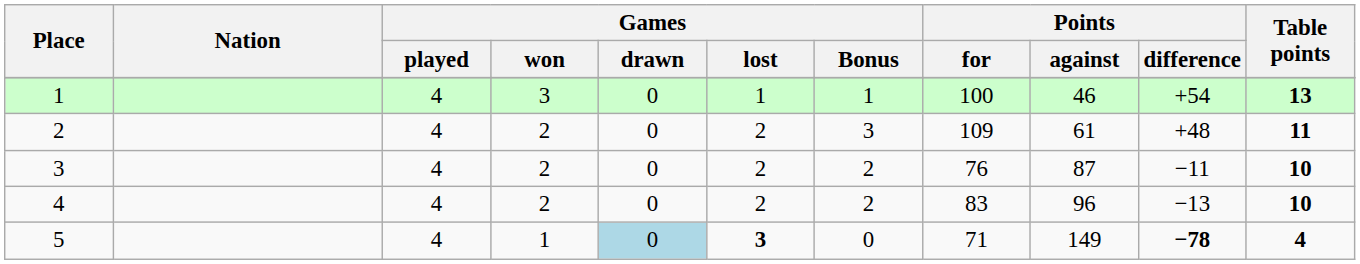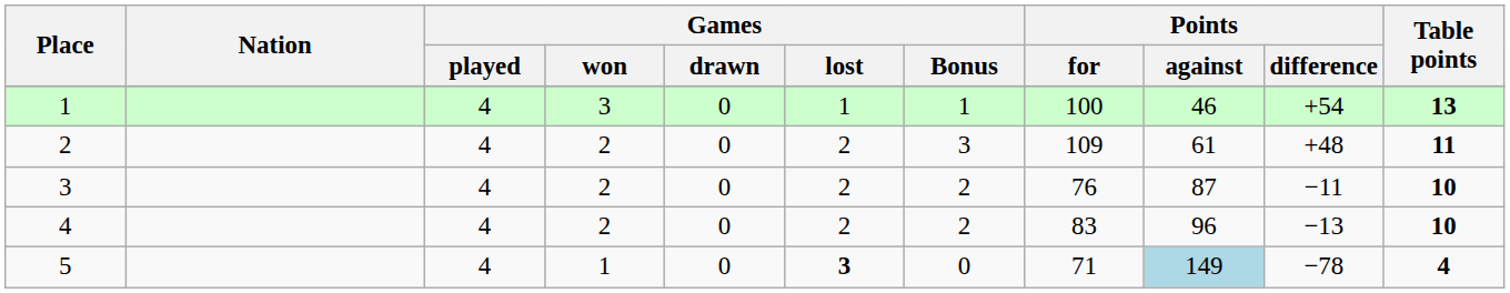 <table class="wikitable">
 <tr>
 <th rowspan=2 width="8%">Place</th>
 <th rowspan=2 width="20%">Nation</th>
 <th colspan=5 width="40%">Games</th>
 <th colspan=3 width="24%">Points</th>
 <th rowspan=2 width="10%">Table<br>points</th>
 </tr>
 <tr>
 <th width="8%">played</th>
 <th width="8%">won</th>
 <th width="8%">drawn</th>
 <th width="8%">lost</th>
 <th width="8%">Bonus</th>
 <th width="8%">for</th>
 <th width="8%">against</th>
 <th width="8%">difference</th>
 </tr>
 <tr>
 </tr>
 <tr align=center bgcolor="#ccffcc">
 <td>1</td>
 <td align=left></td>
 <td>4</td>
 <td>3</td>
 <td>0</td>
 <td>1</td>
 <td>1</td>
 <td>100</td>
 <td>46</td>
 <td>+54</td>
 <td><strong>13</strong></td>
 </tr>
 <tr align=center>
 <td>2</td>
 <td align=left></td>
 <td>4</td>
 <td>2</td>
 <td>0</td>
 <td>2</td>
 <td>3</td>
 <td>109</td>
 <td>61</td>
 <td>+48</td>
 <td><strong>11</strong></td>
 </tr>
 <tr align=center>
 <td>3</td>
 <td align=left></td>
 <td>4</td>
 <td>2</td>
 <td>0</td>
 <td>2</td>
 <td>2</td>
 <td>76</td>
 <td>87</td>
 <td>−11</td>
 <td><strong>10</strong></td>
 </tr>
 <tr align=center>
 <td>4</td>
 <td align=left></td>
 <td>4</td>
 <td>2</td>
 <td>0</td>
 <td>2</td>
 <td>2</td>
 <td>83</td>
 <td>96</td>
 <td>−13</td>
 <td><strong>10</strong></td>
 </tr>
 <tr align=center>
 <td>5</td>
 <td align=left></td>
 <td>4</td>
 <td>1</td>
-<td style="background: lightblue;">0</td>
+<td>0</td>
 <td><strong>3</strong></td>
 <td>0</td>
 <td>71</td>
-<td>149</td>
-<td><strong>−78</strong></td>
+<td style="background: lightblue;">149</td>
+<td>−78</td>
 <td><strong>4</strong></td>
 </tr>
 </table>
